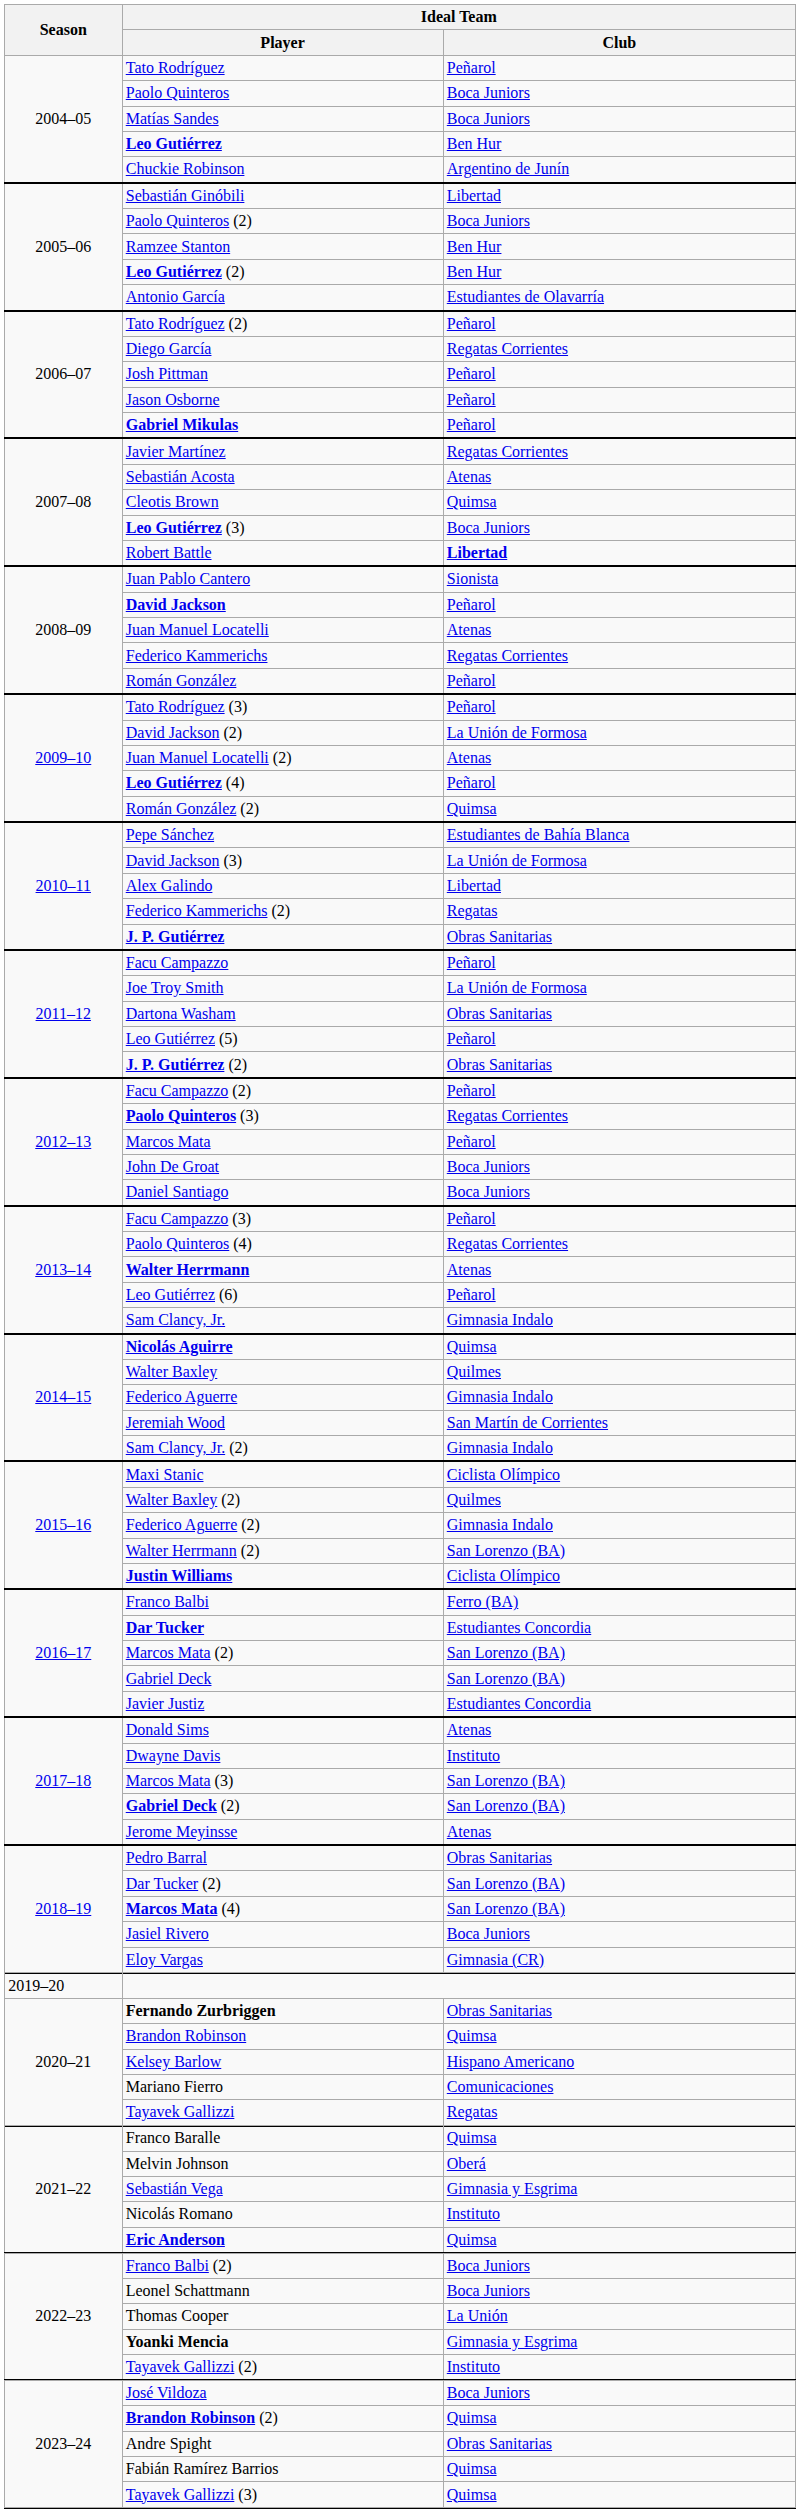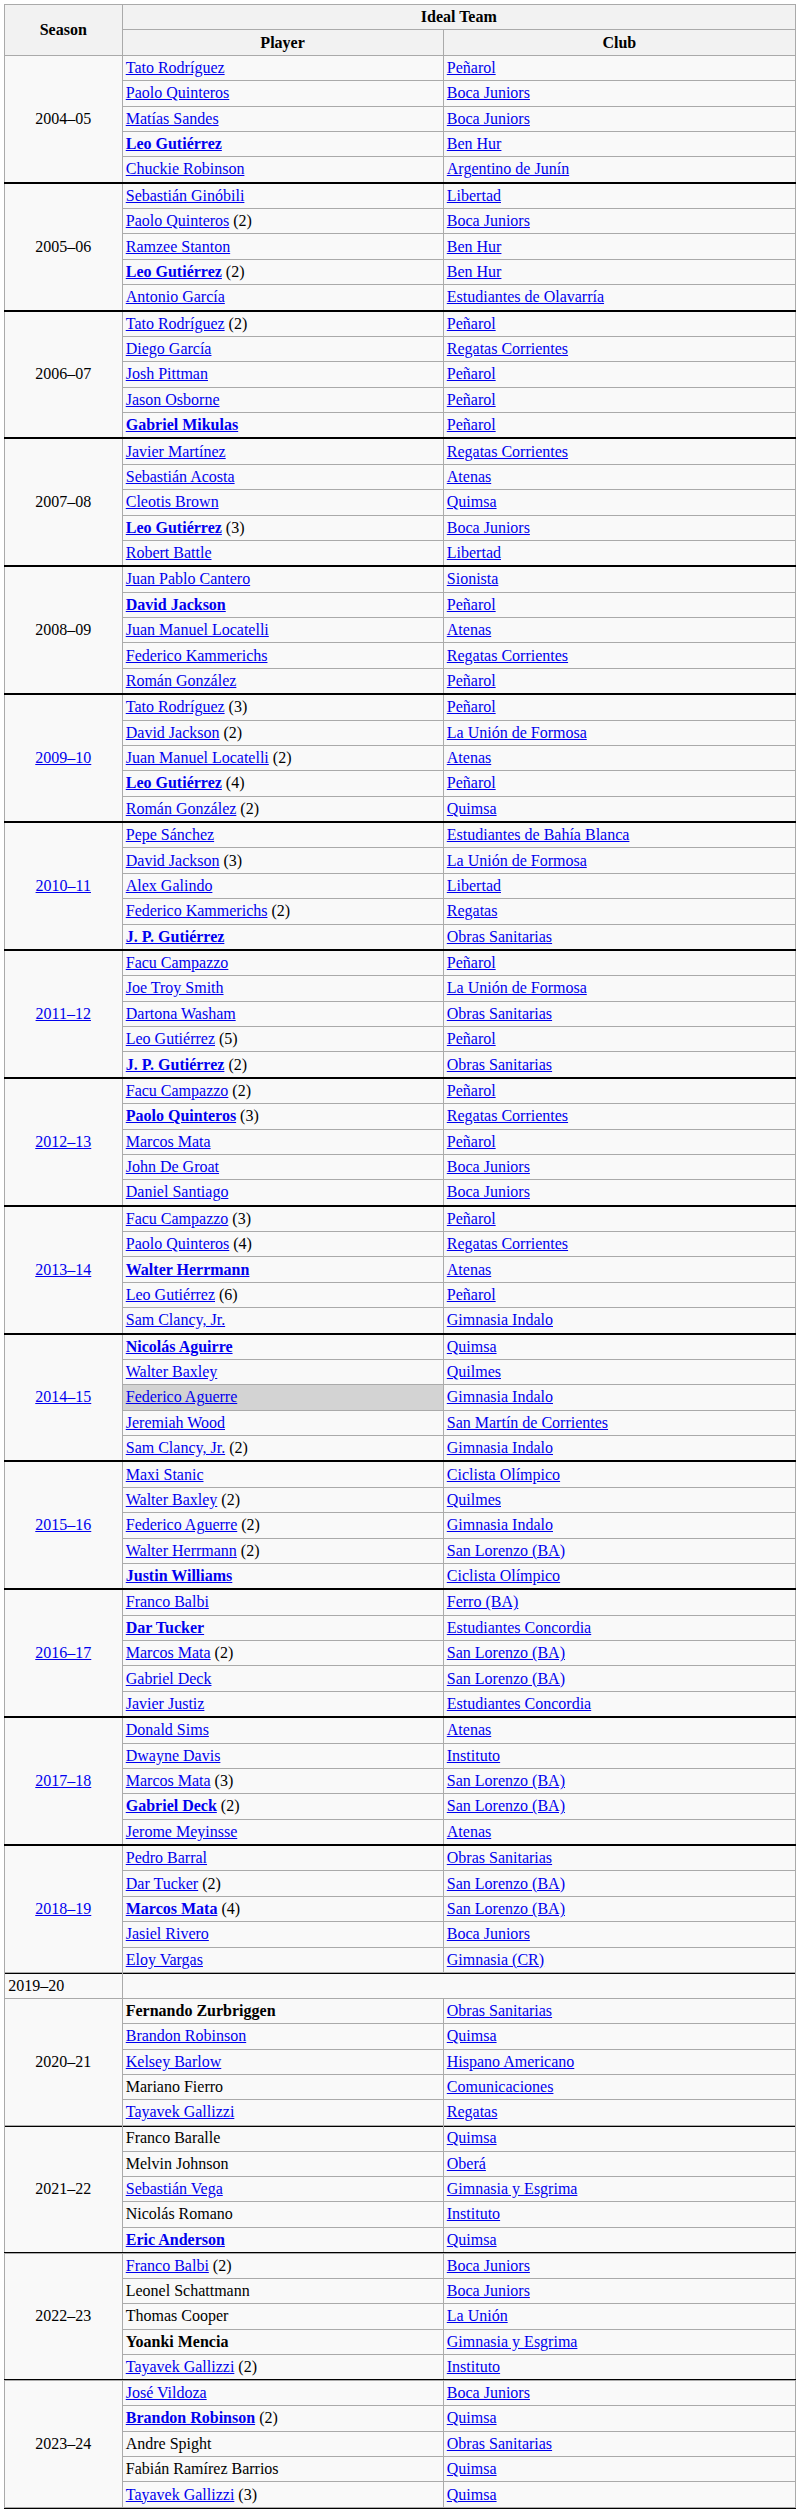 <table class="wikitable" width=50%>
 <tr>
 <th rowspan=3>Season</th>
 </tr>
 <tr>
 <th colspan=2>Ideal Team</th>
 </tr>
 <tr>
 <th>Player</th>
 <th>Club</th>
 </tr>
 <tr>
 <td rowspan=5 align=center>2004–05</td>
 <td> <a href='#'>Tato Rodríguez</a></td>
 <td><a href='#'>Peñarol</a></td>
 </tr>
 <tr>
 <td> <a href='#'>Paolo Quinteros</a></td>
 <td><a href='#'>Boca Juniors</a></td>
 </tr>
 <tr>
 <td> <a href='#'>Matías Sandes</a></td>
 <td><a href='#'>Boca Juniors</a></td>
 </tr>
 <tr>
 <td> <strong><a href='#'>Leo Gutiérrez</a></strong></td>
 <td><a href='#'>Ben Hur</a></td>
 </tr>
 <tr>
 <td> <a href='#'>Chuckie Robinson</a></td>
 <td><a href='#'>Argentino de Junín</a></td>
 </tr>
 <tr style = "border-top:2px solid black;">
 <td rowspan=5 align=center>2005–06</td>
 <td> <a href='#'>Sebastián Ginóbili</a></td>
 <td><a href='#'>Libertad</a></td>
 </tr>
 <tr>
 <td> <a href='#'>Paolo Quinteros</a> (2)</td>
 <td><a href='#'>Boca Juniors</a></td>
 </tr>
 <tr>
 <td> <a href='#'>Ramzee Stanton</a></td>
 <td><a href='#'>Ben Hur</a></td>
 </tr>
 <tr>
 <td> <strong><a href='#'>Leo Gutiérrez</a></strong> (2)</td>
 <td><a href='#'>Ben Hur</a></td>
 </tr>
 <tr>
 <td> <a href='#'>Antonio García</a></td>
 <td><a href='#'>Estudiantes de Olavarría</a></td>
 </tr>
 <tr style = "border-top:2px solid black;">
 <td rowspan=5 align=center>2006–07</td>
 <td> <a href='#'>Tato Rodríguez</a> (2)</td>
 <td><a href='#'>Peñarol</a></td>
 </tr>
 <tr>
 <td> <a href='#'>Diego García</a></td>
 <td><a href='#'>Regatas Corrientes</a></td>
 </tr>
 <tr>
 <td> <a href='#'>Josh Pittman</a></td>
 <td><a href='#'>Peñarol</a></td>
 </tr>
 <tr>
 <td> <a href='#'>Jason Osborne</a></td>
 <td><a href='#'>Peñarol</a></td>
 </tr>
 <tr>
 <td> <strong><a href='#'>Gabriel Mikulas</a></strong></td>
 <td><a href='#'>Peñarol</a></td>
 </tr>
 <tr style = "border-top:2px solid black;">
 <td rowspan=5 align=center>2007–08</td>
 <td> <a href='#'>Javier Martínez</a></td>
 <td><a href='#'>Regatas Corrientes</a></td>
 </tr>
 <tr>
 <td> <a href='#'>Sebastián Acosta</a></td>
 <td><a href='#'>Atenas</a></td>
 </tr>
 <tr>
 <td> <a href='#'>Cleotis Brown</a></td>
 <td><a href='#'>Quimsa</a></td>
 </tr>
 <tr>
 <td> <strong><a href='#'>Leo Gutiérrez</a></strong> (3)</td>
 <td><a href='#'>Boca Juniors</a></td>
 </tr>
 <tr>
 <td> <a href='#'>Robert Battle</a></td>
-<td><strong><a href='#'>Libertad</a></strong></td>
+<td><a href='#'>Libertad</a></td>
 </tr>
 <tr style = "border-top:2px solid black;">
 <td rowspan=5 align=center>2008–09</td>
 <td> <a href='#'>Juan Pablo Cantero</a></td>
 <td><a href='#'>Sionista</a></td>
 </tr>
 <tr>
 <td> <strong><a href='#'>David Jackson</a></strong></td>
 <td><a href='#'>Peñarol</a></td>
 </tr>
 <tr>
 <td> <a href='#'>Juan Manuel Locatelli</a></td>
 <td><a href='#'>Atenas</a></td>
 </tr>
 <tr>
 <td> <a href='#'>Federico Kammerichs</a></td>
 <td><a href='#'>Regatas Corrientes</a></td>
 </tr>
 <tr>
 <td> <a href='#'>Román González</a></td>
 <td><a href='#'>Peñarol</a></td>
 </tr>
 <tr style = "border-top:2px solid black;">
 <td rowspan=5 align=center><a href='#'>2009–10</a></td>
 <td> <a href='#'>Tato Rodríguez</a> (3)</td>
 <td><a href='#'>Peñarol</a></td>
 </tr>
 <tr>
 <td> <a href='#'>David Jackson</a> (2)</td>
 <td><a href='#'>La Unión de Formosa</a></td>
 </tr>
 <tr>
 <td> <a href='#'>Juan Manuel Locatelli</a> (2)</td>
 <td><a href='#'>Atenas</a></td>
 </tr>
 <tr>
 <td> <strong><a href='#'>Leo Gutiérrez</a></strong> (4)</td>
 <td><a href='#'>Peñarol</a></td>
 </tr>
 <tr>
 <td> <a href='#'>Román González</a> (2)</td>
 <td><a href='#'>Quimsa</a></td>
 </tr>
 <tr style = "border-top:2px solid black;">
 <td rowspan=5 align=center><a href='#'>2010–11</a></td>
 <td> <a href='#'>Pepe Sánchez</a></td>
 <td><a href='#'>Estudiantes de Bahía Blanca</a></td>
 </tr>
 <tr>
 <td> <a href='#'>David Jackson</a> (3)</td>
 <td><a href='#'>La Unión de Formosa</a></td>
 </tr>
 <tr>
 <td> <a href='#'>Alex Galindo</a></td>
 <td><a href='#'>Libertad</a></td>
 </tr>
 <tr>
 <td> <a href='#'>Federico Kammerichs</a> (2)</td>
 <td><a href='#'>Regatas</a></td>
 </tr>
 <tr>
 <td> <strong><a href='#'>J. P. Gutiérrez</a></strong></td>
 <td><a href='#'>Obras Sanitarias</a></td>
 </tr>
 <tr style = "border-top:2px solid black;">
 <td rowspan=5 align=center><a href='#'>2011–12</a></td>
 <td> <a href='#'>Facu Campazzo</a></td>
 <td><a href='#'>Peñarol</a></td>
 </tr>
 <tr>
 <td> <a href='#'>Joe Troy Smith</a></td>
 <td><a href='#'>La Unión de Formosa</a></td>
 </tr>
 <tr>
 <td> <a href='#'>Dartona Washam</a></td>
 <td><a href='#'>Obras Sanitarias</a></td>
 </tr>
 <tr>
 <td> <a href='#'>Leo Gutiérrez</a> (5)</td>
 <td><a href='#'>Peñarol</a></td>
 </tr>
 <tr>
 <td> <strong><a href='#'>J. P. Gutiérrez</a></strong> (2)</td>
 <td><a href='#'>Obras Sanitarias</a></td>
 </tr>
 <tr style = "border-top:2px solid black;">
 <td rowspan=5 align=center><a href='#'>2012–13</a></td>
 <td> <a href='#'>Facu Campazzo</a> (2)</td>
 <td><a href='#'>Peñarol</a></td>
 </tr>
 <tr>
 <td> <strong><a href='#'>Paolo Quinteros</a></strong> (3)</td>
 <td><a href='#'>Regatas Corrientes</a></td>
 </tr>
 <tr>
 <td> <a href='#'>Marcos Mata</a></td>
 <td><a href='#'>Peñarol</a></td>
 </tr>
 <tr>
 <td> <a href='#'>John De Groat</a></td>
 <td><a href='#'>Boca Juniors</a></td>
 </tr>
 <tr>
 <td> <a href='#'>Daniel Santiago</a></td>
 <td><a href='#'>Boca Juniors</a></td>
 </tr>
 <tr style = "border-top:2px solid black;">
 <td rowspan=5 align=center><a href='#'>2013–14</a></td>
 <td> <a href='#'>Facu Campazzo</a> (3)</td>
 <td><a href='#'>Peñarol</a></td>
 </tr>
 <tr>
 <td> <a href='#'>Paolo Quinteros</a> (4)</td>
 <td><a href='#'>Regatas Corrientes</a></td>
 </tr>
 <tr>
 <td> <strong><a href='#'>Walter Herrmann</a></strong></td>
 <td><a href='#'>Atenas</a></td>
 </tr>
 <tr>
 <td> <a href='#'>Leo Gutiérrez</a> (6)</td>
 <td><a href='#'>Peñarol</a></td>
 </tr>
 <tr>
 <td> <a href='#'>Sam Clancy, Jr.</a></td>
 <td><a href='#'>Gimnasia Indalo</a></td>
 </tr>
 <tr style = "border-top:2px solid black;">
 <td rowspan=5 align=center><a href='#'>2014–15</a></td>
 <td> <strong><a href='#'>Nicolás Aguirre</a></strong></td>
 <td><a href='#'>Quimsa</a></td>
 </tr>
 <tr>
 <td> <a href='#'>Walter Baxley</a></td>
 <td><a href='#'>Quilmes</a></td>
 </tr>
 <tr>
-<td> <a href='#'>Federico Aguerre</a></td>
+<td style="background: lightgrey;"> <a href='#'>Federico Aguerre</a></td>
 <td><a href='#'>Gimnasia Indalo</a></td>
 </tr>
 <tr>
 <td> <a href='#'>Jeremiah Wood</a></td>
 <td><a href='#'>San Martín de Corrientes</a></td>
 </tr>
 <tr>
 <td> <a href='#'>Sam Clancy, Jr.</a> (2)</td>
 <td><a href='#'>Gimnasia Indalo</a></td>
 </tr>
 <tr style = "border-top:2px solid black;">
 <td rowspan=5 align=center><a href='#'>2015–16</a></td>
 <td> <a href='#'>Maxi Stanic</a></td>
 <td><a href='#'>Ciclista Olímpico</a></td>
 </tr>
 <tr>
 <td> <a href='#'>Walter Baxley</a> (2)</td>
 <td><a href='#'>Quilmes</a></td>
 </tr>
 <tr>
 <td> <a href='#'>Federico Aguerre</a> (2)</td>
 <td><a href='#'>Gimnasia Indalo</a></td>
 </tr>
 <tr>
 <td> <a href='#'>Walter Herrmann</a> (2)</td>
 <td><a href='#'>San Lorenzo (BA)</a></td>
 </tr>
 <tr>
 <td> <strong><a href='#'>Justin Williams</a></strong></td>
 <td><a href='#'>Ciclista Olímpico</a></td>
 </tr>
 <tr style = "border-top:2px solid black;">
 <td rowspan=5 align=center><a href='#'>2016–17</a></td>
 <td> <a href='#'>Franco Balbi</a></td>
 <td><a href='#'>Ferro (BA)</a></td>
 </tr>
 <tr>
 <td> <strong><a href='#'>Dar Tucker</a></strong></td>
 <td><a href='#'>Estudiantes Concordia</a></td>
 </tr>
 <tr>
 <td> <a href='#'>Marcos Mata</a> (2)</td>
 <td><a href='#'>San Lorenzo (BA)</a></td>
 </tr>
 <tr>
 <td> <a href='#'>Gabriel Deck</a></td>
 <td><a href='#'>San Lorenzo (BA)</a></td>
 </tr>
 <tr>
 <td> <a href='#'>Javier Justiz</a></td>
 <td><a href='#'>Estudiantes Concordia</a></td>
 </tr>
 <tr style = "border-top:2px solid black;">
 <td rowspan=5 align=center><a href='#'>2017–18</a></td>
 <td> <a href='#'>Donald Sims</a></td>
 <td><a href='#'>Atenas</a></td>
 </tr>
 <tr>
 <td> <a href='#'>Dwayne Davis</a></td>
 <td><a href='#'>Instituto</a></td>
 </tr>
 <tr>
 <td> <a href='#'>Marcos Mata</a> (3)</td>
 <td><a href='#'>San Lorenzo (BA)</a></td>
 </tr>
 <tr>
 <td> <strong><a href='#'>Gabriel Deck</a></strong> (2)</td>
 <td><a href='#'>San Lorenzo (BA)</a></td>
 </tr>
 <tr>
 <td> <a href='#'>Jerome Meyinsse</a></td>
 <td><a href='#'>Atenas</a></td>
 </tr>
 <tr style = "border-top:2px solid black;">
 <td rowspan=5 align=center><a href='#'>2018–19</a></td>
 <td> <a href='#'>Pedro Barral</a></td>
 <td><a href='#'>Obras Sanitarias</a></td>
 </tr>
 <tr>
 <td> <a href='#'>Dar Tucker</a> (2)</td>
 <td><a href='#'>San Lorenzo (BA)</a></td>
 </tr>
 <tr>
 <td> <strong><a href='#'>Marcos Mata</a></strong> (4)</td>
 <td><a href='#'>San Lorenzo (BA)</a></td>
 </tr>
 <tr>
 <td> <a href='#'>Jasiel Rivero</a></td>
 <td><a href='#'>Boca Juniors</a></td>
 </tr>
 <tr>
 <td> <a href='#'>Eloy Vargas</a></td>
 <td><a href='#'>Gimnasia (CR)</a></td>
 </tr>
 <tr style = "border-top:2px solid black;">
 </tr>
 <tr>
 <td>2019–20</td>
 <td colspan=2></td>
 </tr>
 <tr>
 <td rowspan=5 align=center>2020–21</td>
 <td> <strong>Fernando Zurbriggen</strong></td>
 <td><a href='#'>Obras Sanitarias</a></td>
 </tr>
 <tr>
 <td> <a href='#'>Brandon Robinson</a></td>
 <td><a href='#'>Quimsa</a></td>
 </tr>
 <tr>
 <td> <a href='#'>Kelsey Barlow</a></td>
 <td><a href='#'>Hispano Americano</a></td>
 </tr>
 <tr>
 <td> Mariano Fierro</td>
 <td><a href='#'>Comunicaciones</a></td>
 </tr>
 <tr>
 <td> <a href='#'>Tayavek Gallizzi</a></td>
 <td><a href='#'>Regatas</a></td>
 </tr>
 <tr style = "border-top:2px solid black;">
 </tr>
 <tr>
 <td rowspan=5 align=center>2021–22</td>
 <td> Franco Baralle</td>
 <td><a href='#'>Quimsa</a></td>
 </tr>
 <tr>
 <td> Melvin Johnson</td>
 <td><a href='#'>Oberá</a></td>
 </tr>
 <tr>
 <td> <a href='#'>Sebastián Vega</a></td>
 <td><a href='#'>Gimnasia y Esgrima</a></td>
 </tr>
 <tr>
 <td> Nicolás Romano</td>
 <td><a href='#'>Instituto</a></td>
 </tr>
 <tr>
 <td> <strong><a href='#'>Eric Anderson</a></strong></td>
 <td><a href='#'>Quimsa</a></td>
 </tr>
 <tr style = "border-top:2px solid black;">
 </tr>
 <tr>
 <td rowspan=5 align=center>2022–23</td>
 <td> <a href='#'>Franco Balbi</a> (2)</td>
 <td><a href='#'>Boca Juniors</a></td>
 </tr>
 <tr>
 <td> Leonel Schattmann</td>
 <td><a href='#'>Boca Juniors</a></td>
 </tr>
 <tr>
 <td> Thomas Cooper</td>
 <td><a href='#'>La Unión</a></td>
 </tr>
 <tr>
 <td> <strong>Yoanki Mencia</strong></td>
 <td><a href='#'>Gimnasia y Esgrima</a></td>
 </tr>
 <tr>
 <td> <a href='#'>Tayavek Gallizzi</a> (2)</td>
 <td><a href='#'>Instituto</a></td>
 </tr>
 <tr style = "border-top:2px solid black;">
 </tr>
 <tr>
 <td rowspan=5 align=center>2023–24</td>
 <td> <a href='#'>José Vildoza</a></td>
 <td><a href='#'>Boca Juniors</a></td>
 </tr>
 <tr>
 <td> <strong><a href='#'>Brandon Robinson</a></strong> (2)</td>
 <td><a href='#'>Quimsa</a></td>
 </tr>
 <tr>
 <td> Andre Spight</td>
 <td><a href='#'>Obras Sanitarias</a></td>
 </tr>
 <tr>
 <td> Fabián Ramírez Barrios</td>
 <td><a href='#'>Quimsa</a></td>
 </tr>
 <tr>
 <td> <a href='#'>Tayavek Gallizzi</a> (3)</td>
 <td><a href='#'>Quimsa</a></td>
 </tr>
 <tr style = "border-top:2px solid black;">
 </tr>
 </table>
